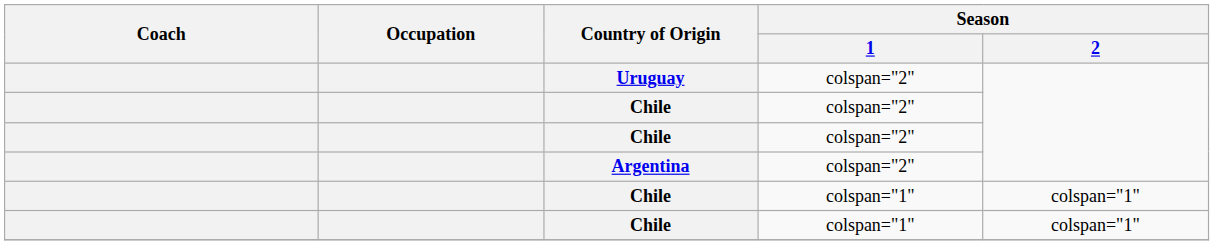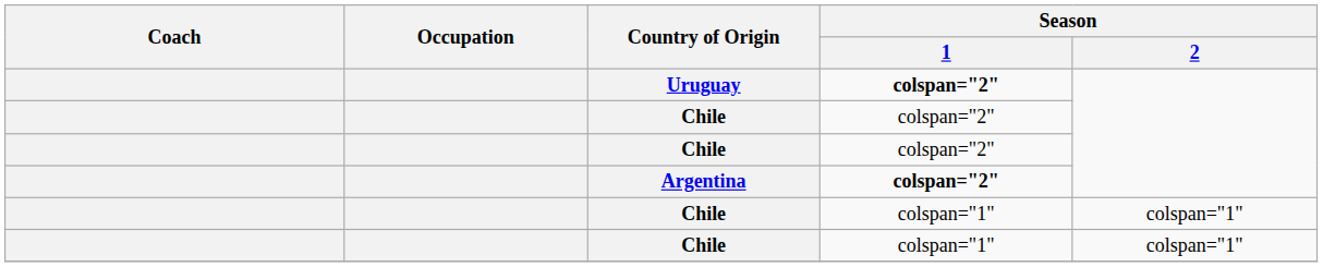 <table class="wikitable plainrowheaders" style="width:65%;text-align:center;font-size:96%">
 <tr>
 <th rowspan="2" style="width:2%;" scope="col">Coach</th>
 <th rowspan="2" style="width:1%;" scope="col">Occupation</th>
 <th rowspan="2" style="width:1%;" scope="col">Country of Origin</th>
 <th colspan="2">Season</th>
 </tr>
 <tr>
 <th style="width:1%;" scope="colspan"><a href='#'>1</a></th>
 <th style="width:1%;" scope="colspan"><a href='#'>2</a></th>
 </tr>
 <tr>
 <th scope="row"></th>
 <th scope="row"></th>
 <th scope="row"><a href='#'>Uruguay</a></th>
-<td>colspan="2" </td>
+<td><strong>colspan="2" </strong></td>
 </tr>
 <tr>
 <th scope="row"></th>
 <th scope="row"></th>
 <th scope="row">Chile</th>
 <td>colspan="2" </td>
 </tr>
 <tr>
 <th scope="row"></th>
 <th scope="row"></th>
 <th scope="row">Chile</th>
 <td>colspan="2" </td>
 </tr>
 <tr>
 <th scope="row"></th>
 <th scope="row"></th>
 <th scope="row"><a href='#'>Argentina</a></th>
-<td>colspan="2" </td>
+<td><strong>colspan="2" </strong></td>
 </tr>
 <tr>
 <th scope="row"></th>
 <th scope="row"></th>
 <th scope="row">Chile</th>
 <td>colspan="1" </td>
 <td>colspan="1" </td>
 </tr>
 <tr>
 <th scope="row"></th>
 <th scope="row"></th>
 <th scope="row">Chile</th>
 <td>colspan="1" </td>
 <td>colspan="1" </td>
 </tr>
 <tr>
 </tr>
 </table>
